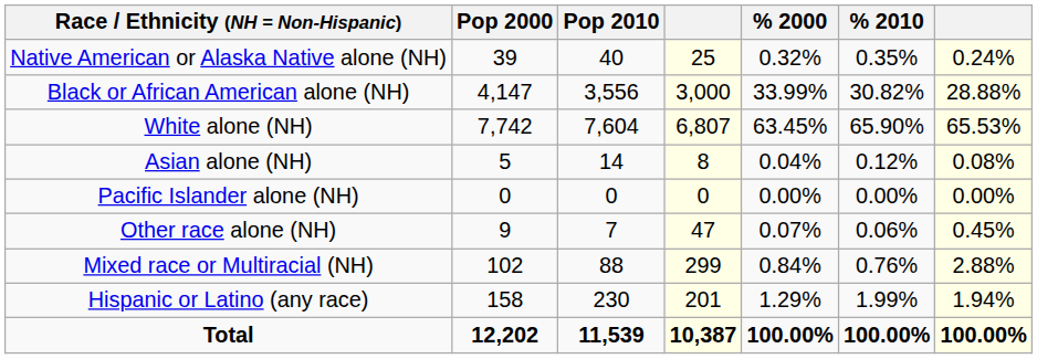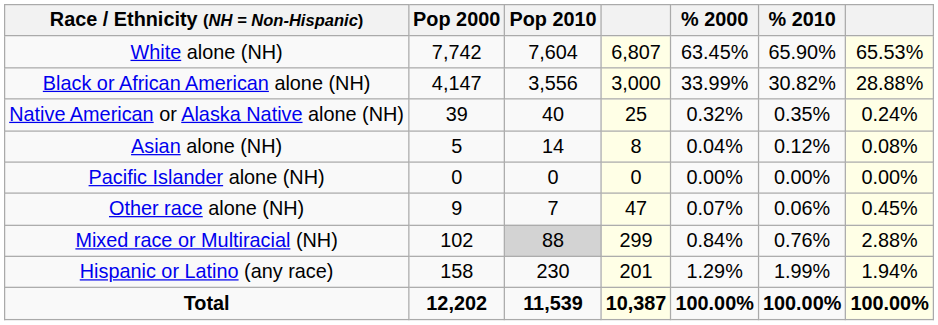 <table class="wikitable" style="text-align:center;">
 <tr>
 <th>Race / Ethnicity <small>(<em>NH = Non-Hispanic</em>)</small></th>
 <th>Pop 2000</th>
 <th>Pop 2010</th>
 <th></th>
 <th>% 2000</th>
 <th>% 2010</th>
 <th></th>
 </tr>
 <tr>
-<td><a href='#'>Native American</a> or <a href='#'>Alaska Native</a> alone (NH)</td>
-<td>39</td>
-<td>40</td>
-<td style='background: #ffffe6;'>25</td>
-<td>0.32%</td>
-<td>0.35%</td>
-<td style='background: #ffffe6;'>0.24%</td>
+<td><a href='#'>White</a> alone (NH)</td>
+<td>7,742</td>
+<td>7,604</td>
+<td style='background: #ffffe6;'>6,807</td>
+<td>63.45%</td>
+<td>65.90%</td>
+<td style='background: #ffffe6;'>65.53%</td>
 </tr>
 <tr>
 <td><a href='#'>Black or African American</a> alone (NH)</td>
 <td>4,147</td>
 <td>3,556</td>
 <td style='background: #ffffe6;'>3,000</td>
 <td>33.99%</td>
 <td>30.82%</td>
 <td style='background: #ffffe6;'>28.88%</td>
 </tr>
 <tr>
-<td><a href='#'>White</a> alone (NH)</td>
-<td>7,742</td>
-<td>7,604</td>
-<td style='background: #ffffe6;'>6,807</td>
-<td>63.45%</td>
-<td>65.90%</td>
-<td style='background: #ffffe6;'>65.53%</td>
+<td><a href='#'>Native American</a> or <a href='#'>Alaska Native</a> alone (NH)</td>
+<td>39</td>
+<td>40</td>
+<td style='background: #ffffe6;'>25</td>
+<td>0.32%</td>
+<td>0.35%</td>
+<td style='background: #ffffe6;'>0.24%</td>
 </tr>
 <tr>
 <td><a href='#'>Asian</a> alone (NH)</td>
 <td>5</td>
 <td>14</td>
 <td style='background: #ffffe6;'>8</td>
 <td>0.04%</td>
 <td>0.12%</td>
 <td style='background: #ffffe6;'>0.08%</td>
 </tr>
 <tr>
 <td><a href='#'>Pacific Islander</a> alone (NH)</td>
 <td>0</td>
 <td>0</td>
 <td style='background: #ffffe6;'>0</td>
 <td>0.00%</td>
 <td>0.00%</td>
 <td style='background: #ffffe6;'>0.00%</td>
 </tr>
 <tr>
 <td><a href='#'>Other race</a> alone (NH)</td>
 <td>9</td>
 <td>7</td>
 <td style='background: #ffffe6;'>47</td>
 <td>0.07%</td>
 <td>0.06%</td>
 <td style='background: #ffffe6;'>0.45%</td>
 </tr>
 <tr>
 <td><a href='#'>Mixed race or Multiracial</a> (NH)</td>
 <td>102</td>
-<td>88</td>
+<td style="background: lightgrey;">88</td>
 <td style='background: #ffffe6;'>299</td>
 <td>0.84%</td>
 <td>0.76%</td>
 <td style='background: #ffffe6;'>2.88%</td>
 </tr>
 <tr>
 <td><a href='#'>Hispanic or Latino</a> (any race)</td>
 <td>158</td>
 <td>230</td>
 <td style='background: #ffffe6;'>201</td>
 <td>1.29%</td>
 <td>1.99%</td>
 <td style='background: #ffffe6;'>1.94%</td>
 </tr>
 <tr>
 <td><strong>Total</strong></td>
 <td><strong>12,202</strong></td>
 <td><strong>11,539</strong></td>
 <td style='background: #ffffe6;'><strong>10,387</strong></td>
 <td><strong>100.00%</strong></td>
 <td><strong>100.00%</strong></td>
 <td style='background: #ffffe6;'><strong>100.00%</strong></td>
 </tr>
 </table>
